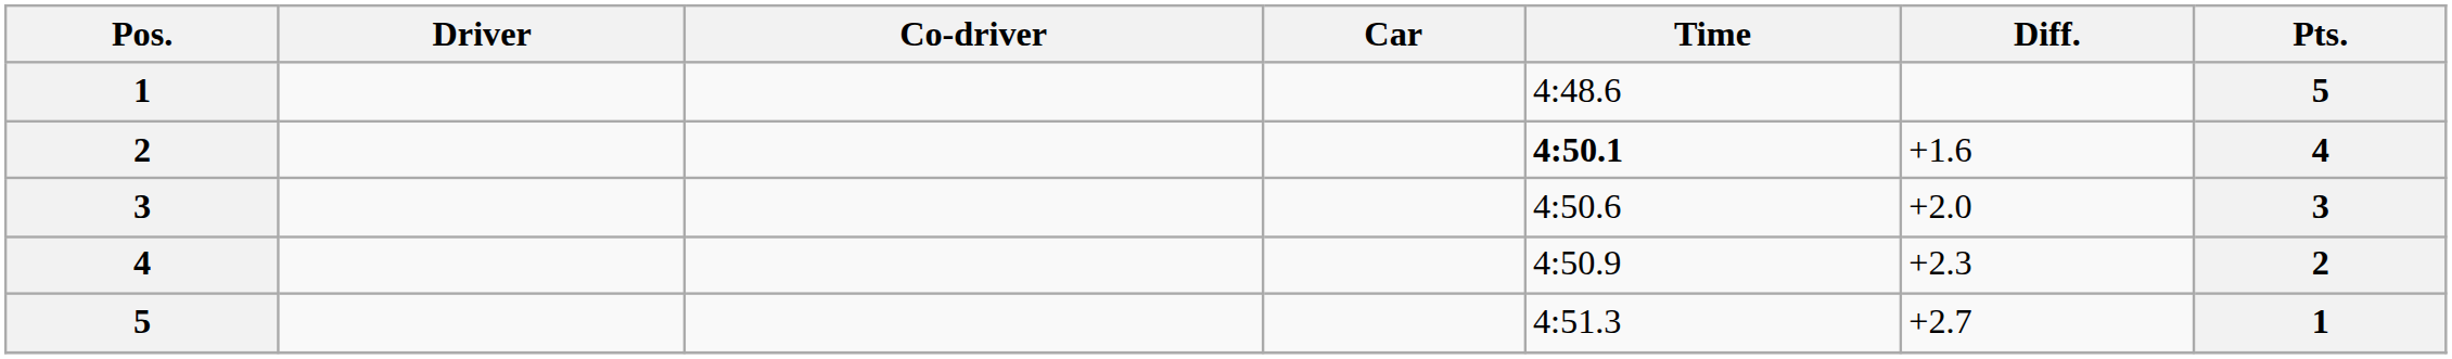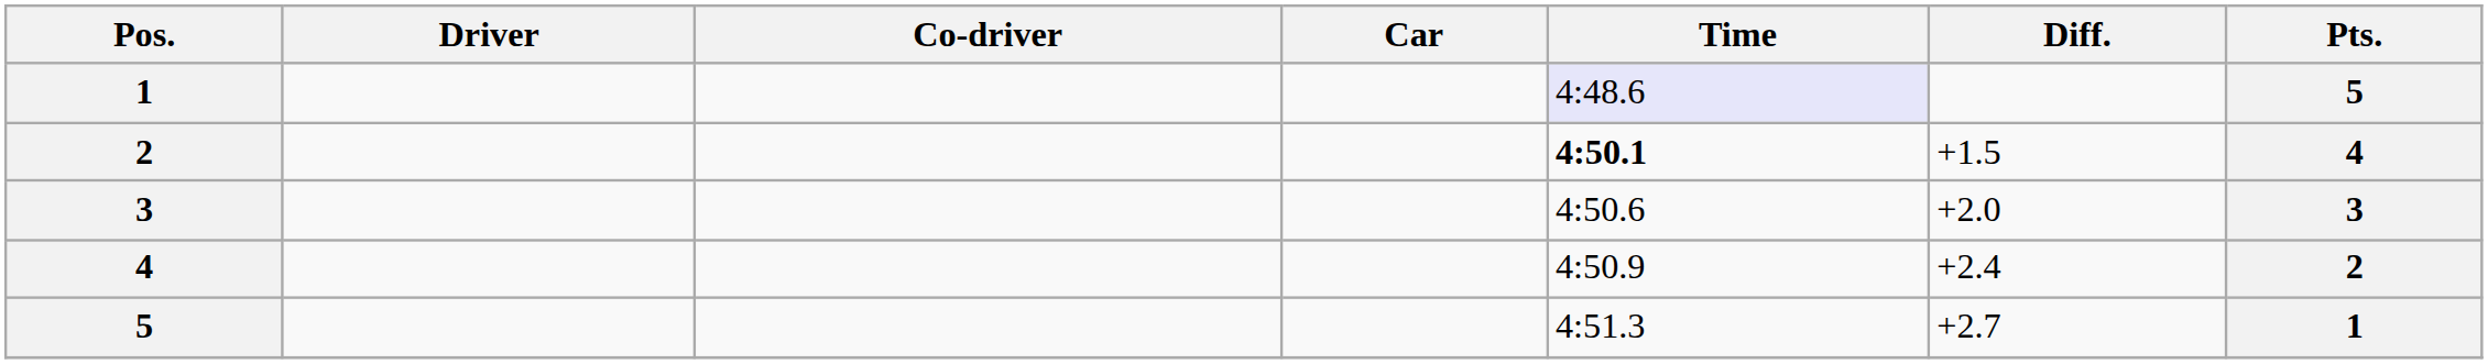 <table class="wikitable" width=60% style="font-size: 85%;">
 <tr>
 <th>Pos.</th>
 <th>Driver</th>
 <th>Co-driver</th>
 <th>Car</th>
 <th>Time</th>
 <th>Diff.</th>
 <th>Pts.</th>
 </tr>
 <tr>
 <th>1</th>
 <td></td>
 <td></td>
 <td></td>
-<td>4:48.6</td>
+<td style="background: lavender;">4:48.6</td>
 <td></td>
 <th>5</th>
 </tr>
 <tr>
 <th>2</th>
 <td></td>
 <td></td>
 <td></td>
 <td><strong>4:50.1</strong></td>
-<td>+1.6</td>
+<td>+1.5</td>
 <th>4</th>
 </tr>
 <tr>
 <th>3</th>
 <td></td>
 <td></td>
 <td></td>
 <td>4:50.6</td>
 <td>+2.0</td>
 <th>3</th>
 </tr>
 <tr>
 <th>4</th>
 <td></td>
 <td></td>
 <td></td>
 <td>4:50.9</td>
-<td>+2.3</td>
+<td>+2.4</td>
 <th>2</th>
 </tr>
 <tr>
 <th>5</th>
 <td></td>
 <td></td>
 <td></td>
 <td>4:51.3</td>
 <td>+2.7</td>
 <th>1</th>
 </tr>
 <tr>
 </tr>
 </table>
